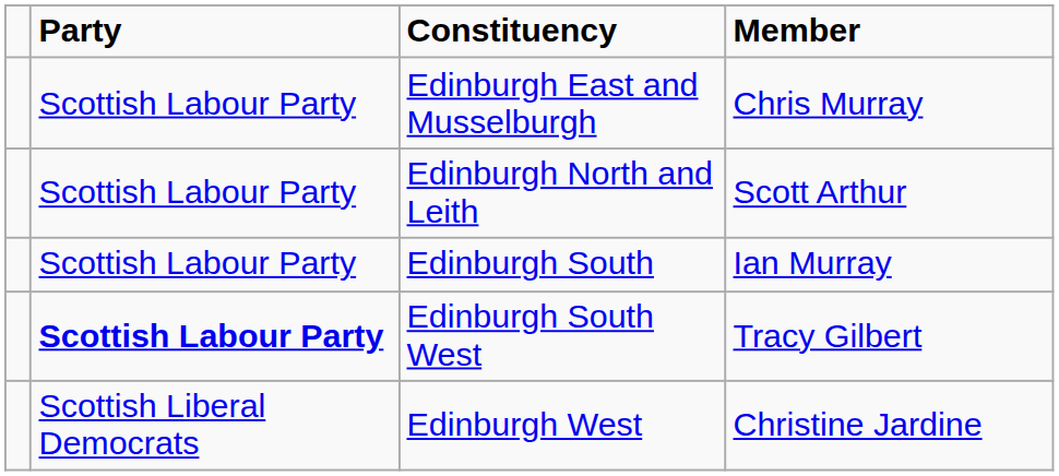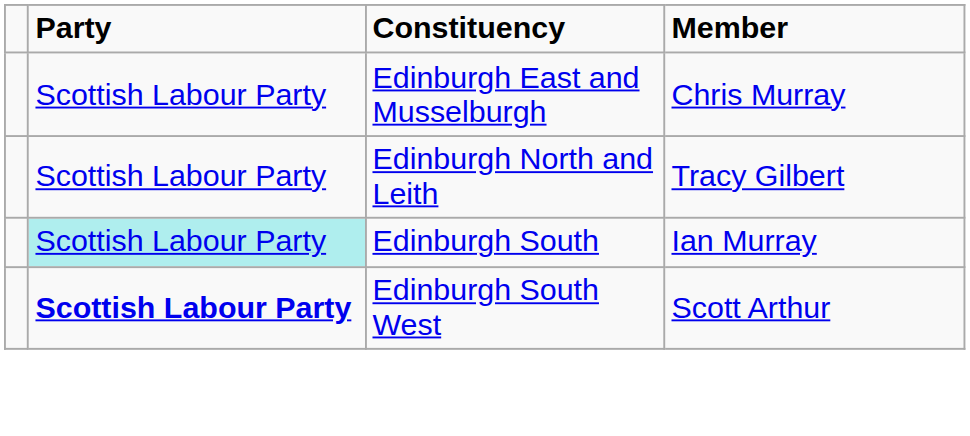 <table class="wikitable">
 <tr>
 <td width="5"></td>
 <td width="170"><strong>Party</strong></td>
 <td width="150"><strong>Constituency</strong></td>
 <td width="150"><strong>Member</strong></td>
 </tr>
 <tr>
 <td style="color:inherit;background:"></td>
 <td><a href='#'>Scottish Labour Party</a></td>
 <td><a href='#'>Edinburgh East and Musselburgh</a></td>
 <td><a href='#'>Chris Murray</a></td>
 </tr>
 <tr>
 <td style="color:inherit;background:"></td>
 <td><a href='#'>Scottish Labour Party</a></td>
 <td><a href='#'>Edinburgh North and Leith</a></td>
-<td><a href='#'>Scott Arthur</a></td>
+<td><a href='#'>Tracy Gilbert</a></td>
 </tr>
 <tr>
 <td style="color:inherit;background:"></td>
-<td><a href='#'>Scottish Labour Party</a></td>
+<td style="background: paleturquoise;"><a href='#'>Scottish Labour Party</a></td>
 <td><a href='#'>Edinburgh South</a></td>
 <td><a href='#'>Ian Murray</a></td>
 </tr>
 <tr>
 <td style="color:inherit;background:"></td>
 <td><strong><a href='#'>Scottish Labour Party</a></strong></td>
 <td><a href='#'>Edinburgh South West</a></td>
-<td><a href='#'>Tracy Gilbert</a></td>
-</tr>
-<tr>
-<td style="color:inherit;background:"></td>
-<td><a href='#'>Scottish Liberal Democrats</a></td>
-<td><a href='#'>Edinburgh West</a></td>
-<td><a href='#'>Christine Jardine</a></td>
+<td><a href='#'>Scott Arthur</a></td>
 </tr>
 </table>
